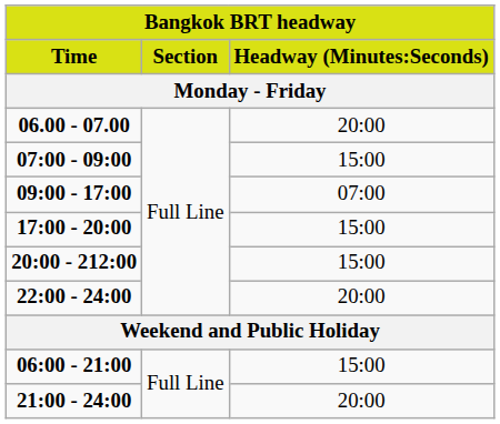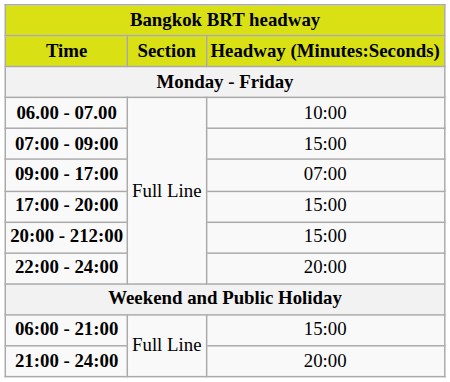 <table class="wikitable" style="margin:auto;font-align:center;text-align:center;font-size:80%;">
 <tr>
 <th colspan="3" style="background:#D9E114;"><strong>Bangkok BRT headway</strong></th>
 </tr>
 <tr>
 <th style="background:#D9E114;">Time</th>
 <th style="background:#D9E114;">Section</th>
 <th style="background:#D9E114;">Headway (Minutes:Seconds)</th>
 </tr>
 <tr>
 <th colspan="3">Monday - Friday</th>
 </tr>
 <tr>
 <td><strong>06.00 - 07.00</strong></td>
 <td rowspan="6">Full Line</td>
-<td>20:00</td>
+<td>10:00</td>
 </tr>
 <tr>
 <td><strong>07:00 - 09:00</strong></td>
 <td>15:00</td>
 </tr>
 <tr>
 <td><strong>09:00 - 17:00</strong></td>
 <td>07:00</td>
 </tr>
 <tr>
 <td><strong>17:00 - 20:00</strong></td>
 <td>15:00</td>
 </tr>
 <tr>
 <td><strong>20:00 - 212:00</strong></td>
 <td>15:00</td>
 </tr>
 <tr>
 <td><strong>22:00 - 24:00</strong></td>
 <td>20:00</td>
 </tr>
 <tr>
 <th colspan="3">Weekend and Public Holiday</th>
 </tr>
 <tr>
 <td><strong>06:00 -</strong> <strong>21:00</strong></td>
 <td rowspan="2">Full Line</td>
 <td>15:00</td>
 </tr>
 <tr>
 <td><strong>21:00 - 24:00</strong></td>
 <td>20:00</td>
 </tr>
 </table>
